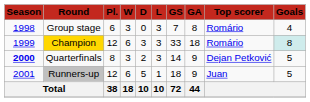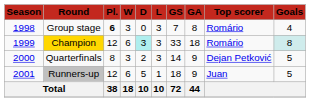 <table class="wikitable">
 <tr style="background:#C3281E; text-align:center;">
 <td><span><strong>Season</strong></span></td>
 <td><span><strong>Round</strong></span></td>
 <td><span><strong>Pl.</strong></span></td>
 <td><span><strong>W</strong></span></td>
 <td><span><strong>D</strong></span></td>
 <td><span><strong>L</strong></span></td>
 <td><span><strong>GS</strong></span></td>
 <td><span><strong>GA</strong></span></td>
 <td><span><strong>Top scorer</strong></span></td>
 <td><span><strong>Goals</strong></span></td>
 </tr>
 <tr>
 <td align=center><a href='#'>1998</a></td>
 <td align=center>Group stage</td>
-<td align=center>6</td>
+<td align=center><strong>6</strong></td>
 <td align=center>3</td>
 <td align=center>0</td>
 <td align=center>3</td>
 <td align=center>7</td>
 <td align=center>8</td>
 <td align=left> <a href='#'>Romário</a></td>
 <td align=center>4</td>
 </tr>
 <tr>
 <td align=center><a href='#'>1999</a></td>
 <td align=center bgcolor="gold">Champion</td>
 <td align=center>12</td>
 <td align=center>6</td>
-<td align=center>3</td>
+<td align=center style="background: paleturquoise;">3</td>
 <td align=center>3</td>
 <td align=center>33</td>
 <td align=center>18</td>
 <td align=left> <a href='#'>Romário</a></td>
 <td align=center bgcolor="#cfecec">8</td>
 </tr>
 <tr>
-<td align=center><strong><a href='#'>2000</a></strong></td>
+<td align=center><a href='#'>2000</a></td>
 <td align=center>Quarterfinals</td>
 <td align=center>8</td>
 <td align=center>3</td>
 <td align=center>2</td>
 <td align=center>3</td>
 <td align=center>14</td>
 <td align=center>9</td>
 <td align=left> <a href='#'>Dejan Petković</a></td>
 <td align=center>5</td>
 </tr>
 <tr>
 <td align=center><a href='#'>2001</a></td>
 <td align=center bgcolor="silver">Runners-up</td>
 <td align=center>12</td>
 <td align=center>6</td>
 <td align=center>5</td>
 <td align=center>1</td>
 <td align=center>18</td>
 <td align=center>9</td>
 <td align=left> <a href='#'>Juan</a></td>
 <td align=center>5</td>
 </tr>
 <tr>
 <th colspan="2"><strong>Total</strong></th>
 <th align=center>38</th>
 <th align=center>18</th>
 <th align=center>10</th>
 <th align=center>10</th>
 <th align=center>72</th>
 <th align=center>44</th>
 <th colspan="2"></th>
 </tr>
 <tr>
 </tr>
 </table>
